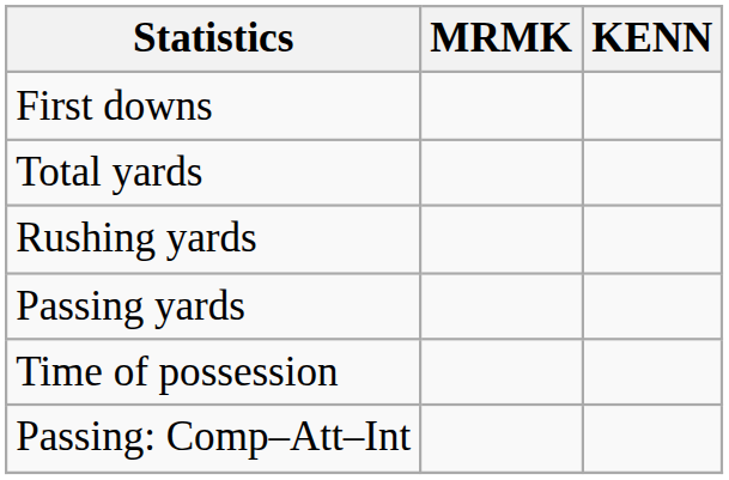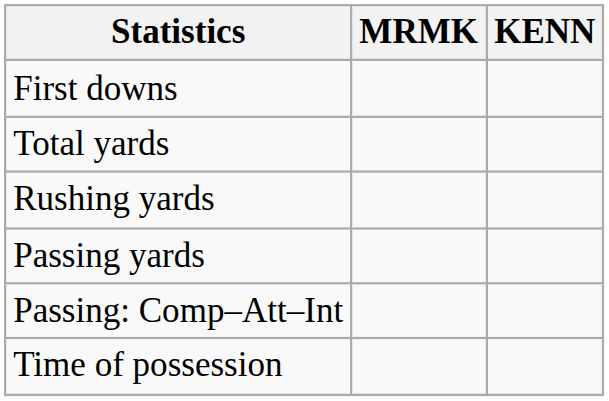 <table class="wikitable" style="float: left;">
 <tr>
 <th>Statistics</th>
 <th>MRMK</th>
 <th>KENN</th>
 </tr>
 <tr>
 <td>First downs</td>
 <td></td>
 <td></td>
 </tr>
 <tr>
 <td>Total yards</td>
 <td></td>
 <td></td>
 </tr>
 <tr>
 <td>Rushing yards</td>
 <td></td>
 <td></td>
 </tr>
 <tr>
 <td>Passing yards</td>
 <td></td>
 <td></td>
 </tr>
 <tr>
-<td>Time of possession</td>
+<td>Passing: Comp–Att–Int</td>
 <td></td>
 <td></td>
 </tr>
 <tr>
-<td>Passing: Comp–Att–Int</td>
+<td>Time of possession</td>
 <td></td>
 <td></td>
 </tr>
 <tr>
 </tr>
 </table>
